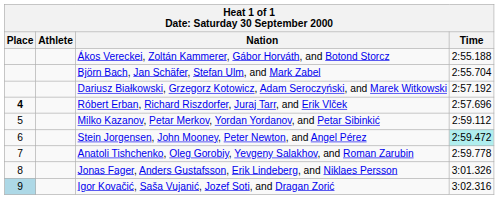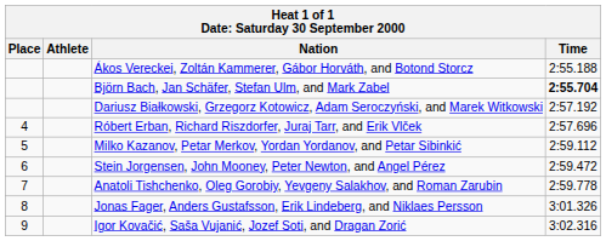 <table class="wikitable sortable">
 <tr>
 <th colspan=4>Heat 1 of 1 <br> Date: Saturday 30 September 2000</th>
 </tr>
 <tr>
 <th>Place</th>
 <th>Athlete</th>
 <th>Nation</th>
 <th>Time</th>
 </tr>
 <tr>
 <td align="center"></td>
 <td align="left"></td>
 <td align="left"><a href='#'>Ákos Vereckei</a>, <a href='#'>Zoltán Kammerer</a>, <a href='#'>Gábor Horváth</a>, and <a href='#'>Botond Storcz</a></td>
 <td align="center">2:55.188</td>
 </tr>
 <tr>
 <td align="center"></td>
 <td align="left"></td>
 <td align="left"><a href='#'>Björn Bach</a>, <a href='#'>Jan Schäfer</a>, <a href='#'>Stefan Ulm</a>, and <a href='#'>Mark Zabel</a></td>
-<td align="center">2:55.704</td>
+<td align="center"><strong>2:55.704</strong></td>
 </tr>
 <tr>
 <td align="center"></td>
 <td align="left"></td>
 <td align="left"><a href='#'>Dariusz Białkowski</a>, <a href='#'>Grzegorz Kotowicz</a>, <a href='#'>Adam Seroczyński</a>, and <a href='#'>Marek Witkowski</a></td>
 <td align="center">2:57.192</td>
 </tr>
 <tr>
-<td align="center"><strong>4</strong></td>
+<td align="center">4</td>
 <td align="left"></td>
 <td align="left"><a href='#'>Róbert Erban</a>, <a href='#'>Richard Riszdorfer</a>, <a href='#'>Juraj Tarr</a>, and <a href='#'>Erik Vlček</a></td>
 <td align="center">2:57.696</td>
 </tr>
 <tr>
 <td align="center">5</td>
 <td align="left"></td>
 <td align="left"><a href='#'>Milko Kazanov</a>, <a href='#'>Petar Merkov</a>, <a href='#'>Yordan Yordanov</a>, and <a href='#'>Petar Sibinkić</a></td>
 <td align="center">2:59.112</td>
 </tr>
 <tr>
 <td align="center">6</td>
 <td align="left"></td>
 <td align="left"><a href='#'>Stein Jorgensen</a>, <a href='#'>John Mooney</a>, <a href='#'>Peter Newton</a>, and <a href='#'>Angel Pérez</a></td>
-<td align="center" style="background: paleturquoise;">2:59.472</td>
+<td align="center">2:59.472</td>
 </tr>
 <tr>
 <td align="center">7</td>
 <td align="left"></td>
 <td align="left"><a href='#'>Anatoli Tishchenko</a>, <a href='#'>Oleg Gorobiy</a>, <a href='#'>Yevgeny Salakhov</a>, and <a href='#'>Roman Zarubin</a></td>
 <td align="center">2:59.778</td>
 </tr>
 <tr>
 <td align="center">8</td>
 <td align="left"></td>
 <td align="left"><a href='#'>Jonas Fager</a>, <a href='#'>Anders Gustafsson</a>, <a href='#'>Erik Lindeberg</a>, and <a href='#'>Niklaes Persson</a></td>
 <td align="center">3:01.326</td>
 </tr>
 <tr>
-<td align="center" style="background: lightblue;">9</td>
+<td align="center">9</td>
 <td align="left"></td>
 <td align="left"><a href='#'>Igor Kovačić</a>, <a href='#'>Saša Vujanić</a>, <a href='#'>Jozef Soti</a>, and <a href='#'>Dragan Zorić</a></td>
 <td align="center">3:02.316</td>
 </tr>
 </table>
